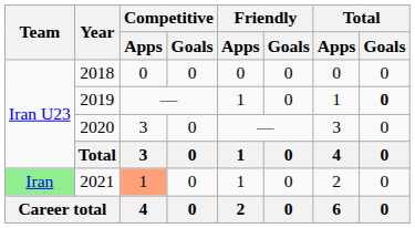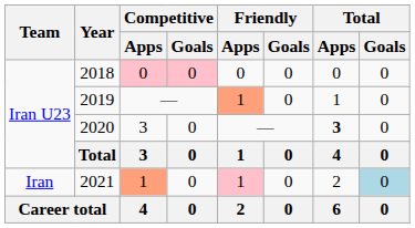 <table class="wikitable" style="text-align:center">
 <tr>
 <th rowspan=2>Team</th>
 <th rowspan=2>Year</th>
 <th colspan=2>Competitive</th>
 <th colspan=2>Friendly</th>
 <th colspan=2>Total</th>
 </tr>
 <tr>
 <th>Apps</th>
 <th>Goals</th>
 <th>Apps</th>
 <th>Goals</th>
 <th>Apps</th>
 <th>Goals</th>
 </tr>
 <tr>
 <td rowspan=4><a href='#'>Iran U23</a></td>
 <td>2018</td>
-<td>0</td>
-<td>0</td>
+<td style="background: pink;">0</td>
+<td style="background: pink;">0</td>
 <td>0</td>
 <td>0</td>
 <td>0</td>
 <td>0</td>
 </tr>
 <tr>
 <td>2019</td>
 <td colspan=2>—</td>
+<td style="background: lightsalmon;">1</td>
+<td>0</td>
 <td>1</td>
 <td>0</td>
-<td>1</td>
-<td><strong>0</strong></td>
 </tr>
 <tr>
 <td>2020</td>
 <td>3</td>
 <td>0</td>
 <td colspan=2>—</td>
-<td>3</td>
+<td><strong>3</strong></td>
 <td>0</td>
 </tr>
 <tr>
 <th>Total</th>
 <th>3</th>
 <th>0</th>
 <th>1</th>
 <th>0</th>
 <th>4</th>
 <th>0</th>
 </tr>
 <tr>
-<td style="background: lightgreen;"><a href='#'>Iran</a></td>
+<td><a href='#'>Iran</a></td>
 <td>2021</td>
 <td style="background: lightsalmon;">1</td>
 <td>0</td>
-<td>1</td>
+<td style="background: pink;">1</td>
 <td>0</td>
 <td>2</td>
-<td>0</td>
+<td style="background: lightblue;">0</td>
 </tr>
 <tr>
 <th colspan=2>Career total</th>
 <th>4</th>
 <th>0</th>
 <th>2</th>
 <th>0</th>
 <th>6</th>
 <th>0</th>
 </tr>
 </table>
